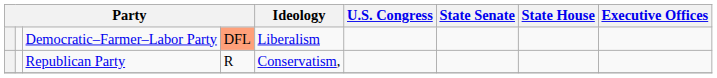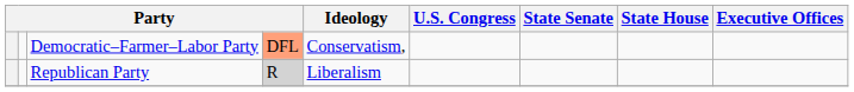 <table class="wikitable sortable">
 <tr>
 <th colspan="4">Party</th>
 <th class="unsortable">Ideology</th>
 <th><a href='#'>U.S. Congress</a></th>
 <th><a href='#'>State Senate</a></th>
 <th><a href='#'>State House</a></th>
 <th><a href='#'>Executive Offices</a></th>
 </tr>
 <tr>
 <th width="5px" style="background-color: "></th>
 <td></td>
 <td><a href='#'>Democratic–Farmer–Labor Party</a></td>
 <td style="background: lightsalmon;">DFL</td>
-<td><a href='#'>Liberalism</a></td>
+<td><a href='#'>Conservatism</a>,<br></td>
 <td></td>
 <td></td>
 <td></td>
 <td></td>
 </tr>
 <tr>
 <th style="background-color: "></th>
 <td></td>
 <td><a href='#'>Republican Party</a></td>
-<td>R</td>
-<td><a href='#'>Conservatism</a>,<br></td>
+<td style="background: lightgrey;">R</td>
+<td><a href='#'>Liberalism</a></td>
 <td></td>
 <td></td>
 <td></td>
 <td></td>
 </tr>
 <tr>
 </tr>
 </table>
